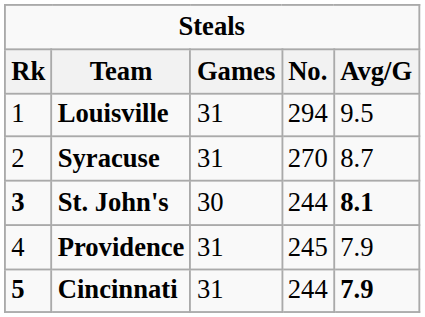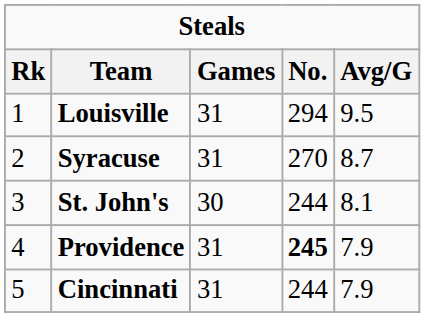 <table class="wikitable" style="white-space:nowrap; font-size:90%;">
 <tr>
 <td colspan=5 style="text-align:center"><strong>Steals</strong></td>
 </tr>
 <tr>
 <th>Rk</th>
 <th>Team</th>
 <th>Games</th>
 <th>No.</th>
 <th>Avg/G</th>
 </tr>
 <tr>
 <td>1</td>
 <td><strong>Louisville</strong></td>
 <td>31</td>
 <td>294</td>
 <td>9.5</td>
 </tr>
 <tr>
 <td>2</td>
 <td><strong>Syracuse</strong></td>
 <td>31</td>
 <td>270</td>
 <td>8.7</td>
 </tr>
 <tr>
-<td><strong>3</strong></td>
+<td>3</td>
 <td><strong>St. John's</strong></td>
 <td>30</td>
 <td>244</td>
-<td><strong>8.1</strong></td>
+<td>8.1</td>
 </tr>
 <tr>
 <td>4</td>
 <td><strong>Providence</strong></td>
 <td>31</td>
-<td>245</td>
+<td><strong>245</strong></td>
 <td>7.9</td>
 </tr>
 <tr>
-<td><strong>5</strong></td>
+<td>5</td>
 <td><strong>Cincinnati</strong></td>
 <td>31</td>
 <td>244</td>
-<td><strong>7.9</strong></td>
+<td>7.9</td>
 </tr>
 </table>
